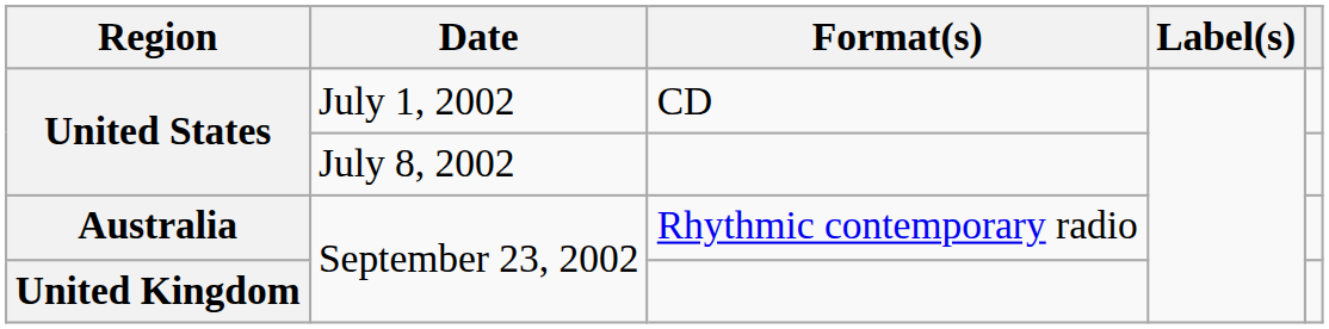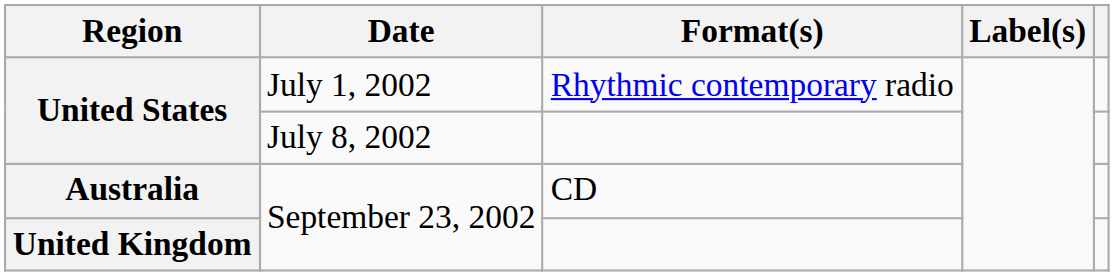 <table class="wikitable plainrowheaders">
 <tr>
 <th scope="col">Region</th>
 <th scope="col">Date</th>
 <th scope="col">Format(s)</th>
 <th scope="col">Label(s)</th>
 <th scope="col"></th>
 </tr>
 <tr>
 <th scope="row" rowspan="2">United States</th>
 <td>July 1, 2002</td>
-<td>CD</td>
+<td><a href='#'>Rhythmic contemporary</a> radio</td>
 <td rowspan="4"></td>
 <td align="center"></td>
 </tr>
 <tr>
 <td>July 8, 2002</td>
 <td></td>
 <td align="center"></td>
 </tr>
 <tr>
 <th scope="row">Australia</th>
 <td rowspan="2">September 23, 2002</td>
-<td><a href='#'>Rhythmic contemporary</a> radio</td>
+<td>CD</td>
 <td align="center"></td>
 </tr>
 <tr>
 <th scope="row">United Kingdom</th>
 <td></td>
 <td align="center"></td>
 </tr>
 </table>
